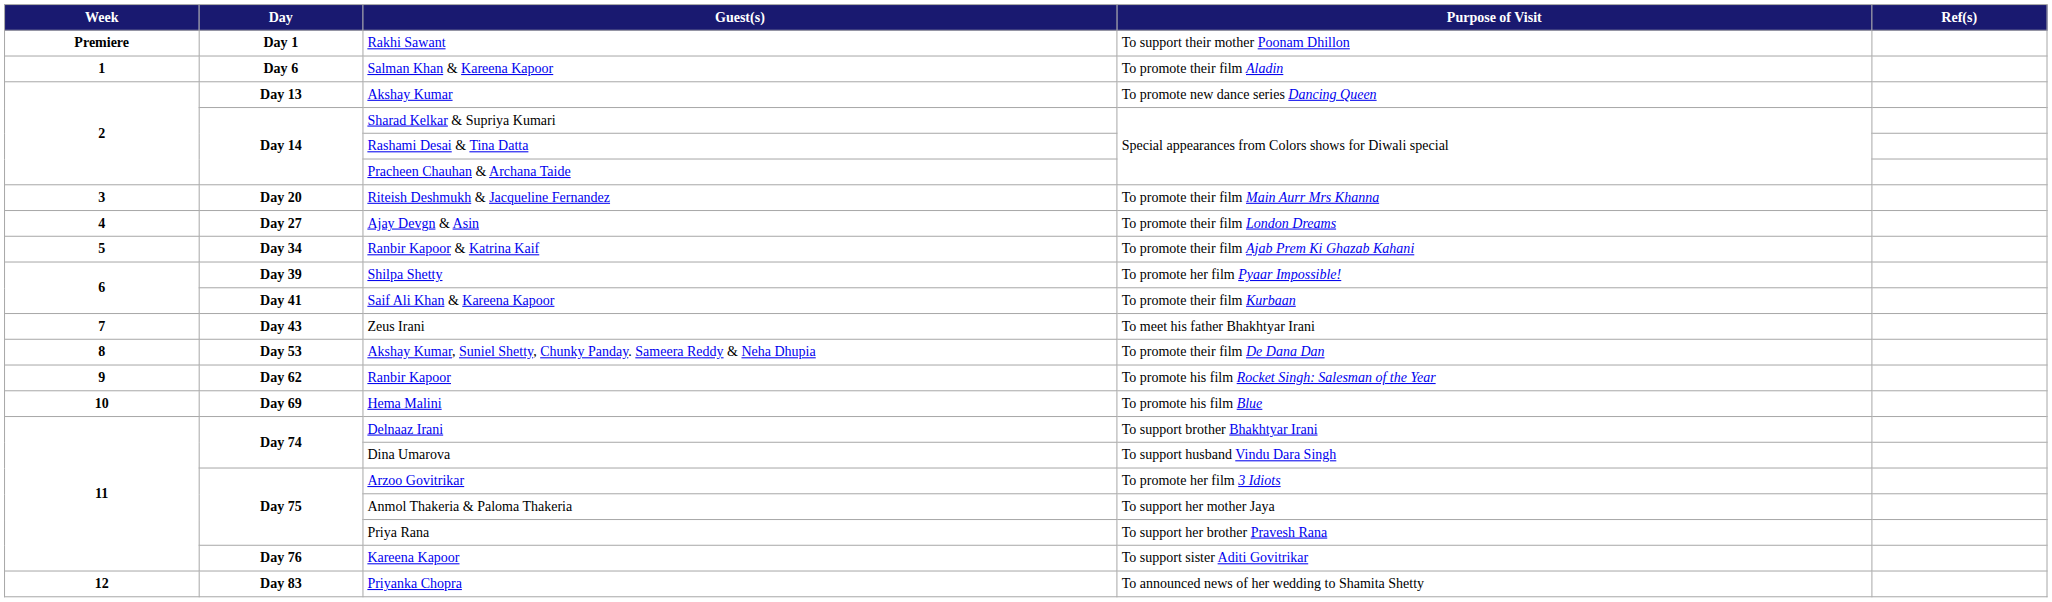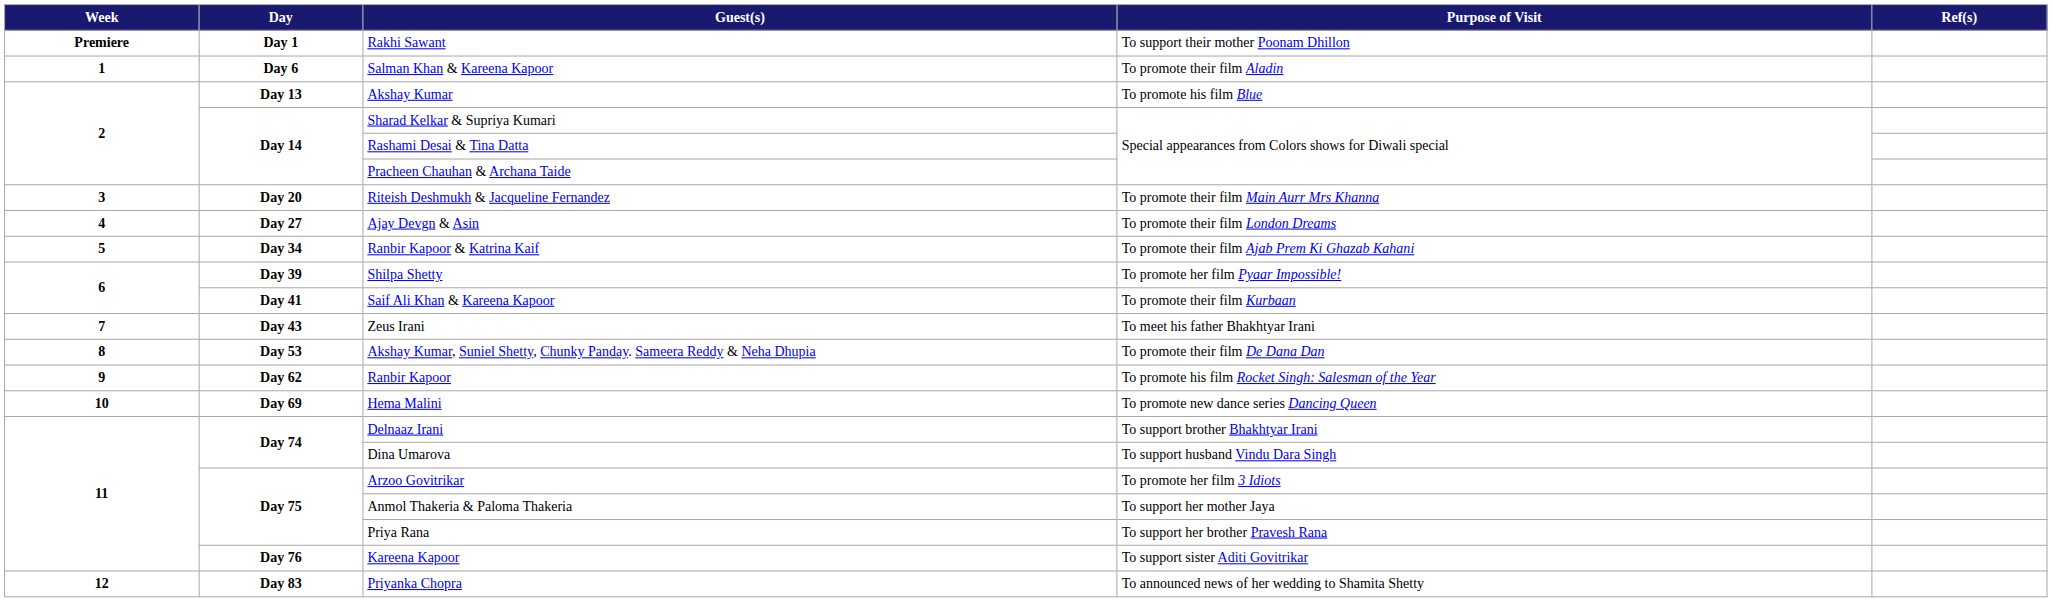 <table border="2" cellpadding="4" cellspacing="0" style="margin: 1em 1em 1em 0;font-size:85%; background: white; border: 1px #aaa solid; border-collapse: collapse;  width:100%;">
 <tr>
 <th style="background:#191970; color:#fff; width:1%;">Week</th>
 <th style="background:#191970; color:#fff; width:1%;">Day</th>
 <th style="background:#191970; color:#fff; width:5%;">Guest(s)</th>
 <th style="background:#191970; color:#fff; width:5%;">Purpose of Visit</th>
 <th style="background:#191970; color:#fff; width:1%;">Ref(s)</th>
 </tr>
 <tr>
 <th>Premiere</th>
 <th>Day 1</th>
 <td><a href='#'>Rakhi Sawant</a></td>
 <td>To support their mother <a href='#'>Poonam Dhillon</a></td>
 <td style=" text-align:center;"></td>
 </tr>
 <tr>
 <th>1</th>
 <th>Day 6</th>
 <td><a href='#'>Salman Khan</a> & <a href='#'>Kareena Kapoor</a></td>
 <td>To promote their film <em><a href='#'>Aladin</a></em></td>
 <td style=" text-align:center;"></td>
 </tr>
 <tr>
 <th rowspan="4">2</th>
 <th>Day 13</th>
 <td><a href='#'>Akshay Kumar</a></td>
-<td>To promote new dance series <em><a href='#'>Dancing Queen</a></em></td>
+<td>To promote his film <em><a href='#'>Blue</a></em></td>
 <td style=" text-align:center;"></td>
 </tr>
 <tr>
 <th rowspan="3">Day 14</th>
 <td><a href='#'>Sharad Kelkar</a> & Supriya Kumari</td>
 <td rowspan="3">Special appearances from Colors shows for Diwali special</td>
 <td style=" text-align:center;"></td>
 </tr>
 <tr>
 <td><a href='#'>Rashami Desai</a> & <a href='#'>Tina Datta</a></td>
 <td style=" text-align:center;"></td>
 </tr>
 <tr>
 <td><a href='#'>Pracheen Chauhan</a> & <a href='#'>Archana Taide</a></td>
 <td style=" text-align:center;"></td>
 </tr>
 <tr>
 <th>3</th>
 <th>Day 20</th>
 <td><a href='#'>Riteish Deshmukh</a> & <a href='#'>Jacqueline Fernandez</a></td>
 <td>To promote their film <em><a href='#'>Main Aurr Mrs Khanna</a></em></td>
 <td style=" text-align:center;"></td>
 </tr>
 <tr>
 <th>4</th>
 <th>Day 27</th>
 <td><a href='#'>Ajay Devgn</a> & <a href='#'>Asin</a></td>
 <td>To promote their film <em><a href='#'>London Dreams</a></em></td>
 <td style=" text-align:center;"></td>
 </tr>
 <tr>
 <th>5</th>
 <th>Day 34</th>
 <td><a href='#'>Ranbir Kapoor</a> & <a href='#'>Katrina Kaif</a></td>
 <td>To promote their film <em><a href='#'>Ajab Prem Ki Ghazab Kahani</a></em></td>
 <td style=" text-align:center;"></td>
 </tr>
 <tr>
 <th rowspan="2">6</th>
 <th>Day 39</th>
 <td><a href='#'>Shilpa Shetty</a></td>
 <td>To promote her film <em><a href='#'>Pyaar Impossible!</a></em></td>
 <td style=" text-align:center;"></td>
 </tr>
 <tr>
 <th>Day 41</th>
 <td><a href='#'>Saif Ali Khan</a> & <a href='#'>Kareena Kapoor</a></td>
 <td>To promote their film <em><a href='#'>Kurbaan</a></em></td>
 <td style=" text-align:center;"></td>
 </tr>
 <tr>
 <th>7</th>
 <th>Day 43</th>
 <td>Zeus Irani</td>
 <td>To meet his father Bhakhtyar Irani</td>
 <td style=" text-align:center;"></td>
 </tr>
 <tr>
 <th>8</th>
 <th>Day 53</th>
 <td><a href='#'>Akshay Kumar</a>, <a href='#'>Suniel Shetty</a>, <a href='#'>Chunky Panday</a>. <a href='#'>Sameera Reddy</a> & <a href='#'>Neha Dhupia</a></td>
 <td>To promote their film <em><a href='#'>De Dana Dan</a></em></td>
 <td style=" text-align:center;"></td>
 </tr>
 <tr>
 <th>9</th>
 <th>Day 62</th>
 <td><a href='#'>Ranbir Kapoor</a></td>
 <td>To promote his film <em><a href='#'>Rocket Singh: Salesman of the Year</a></em></td>
 <td style=" text-align:center;"></td>
 </tr>
 <tr>
 <th>10</th>
 <th>Day 69</th>
 <td><a href='#'>Hema Malini</a></td>
-<td>To promote his film <em><a href='#'>Blue</a></em></td>
+<td>To promote new dance series <em><a href='#'>Dancing Queen</a></em></td>
 <td style=" text-align:center;"></td>
 </tr>
 <tr>
 <th rowspan="6">11</th>
 <th rowspan="2">Day 74</th>
 <td><a href='#'>Delnaaz Irani</a></td>
 <td>To support brother <a href='#'>Bhakhtyar Irani</a></td>
 <td style=" text-align:center;"></td>
 </tr>
 <tr>
 <td>Dina Umarova</td>
 <td>To support husband <a href='#'>Vindu Dara Singh</a></td>
 <td style=" text-align:center;"></td>
 </tr>
 <tr>
 <th rowspan="3">Day 75</th>
 <td><a href='#'>Arzoo Govitrikar</a></td>
 <td>To promote her film <em><a href='#'>3 Idiots</a></em></td>
 <td style=" text-align:center;"></td>
 </tr>
 <tr>
 <td>Anmol Thakeria & Paloma Thakeria</td>
 <td>To support her mother Jaya</td>
 <td style=" text-align:center;"></td>
 </tr>
 <tr>
 <td>Priya Rana</td>
 <td>To support her brother <a href='#'>Pravesh Rana</a></td>
 <td style=" text-align:center;"></td>
 </tr>
 <tr>
 <th>Day 76</th>
 <td><a href='#'>Kareena Kapoor</a></td>
 <td>To support sister <a href='#'>Aditi Govitrikar</a></td>
 <td style=" text-align:center;"></td>
 </tr>
 <tr>
 <th>12</th>
 <th>Day 83</th>
 <td><a href='#'>Priyanka Chopra</a></td>
 <td>To announced news of her wedding to Shamita Shetty</td>
 <td style=" text-align:center;"></td>
 </tr>
 </table>
